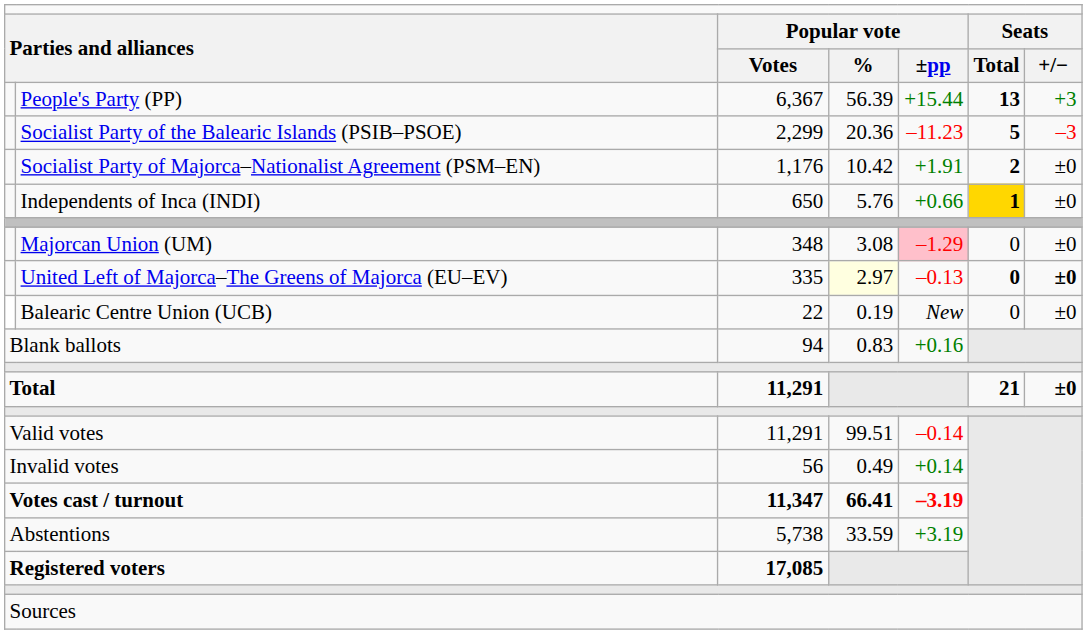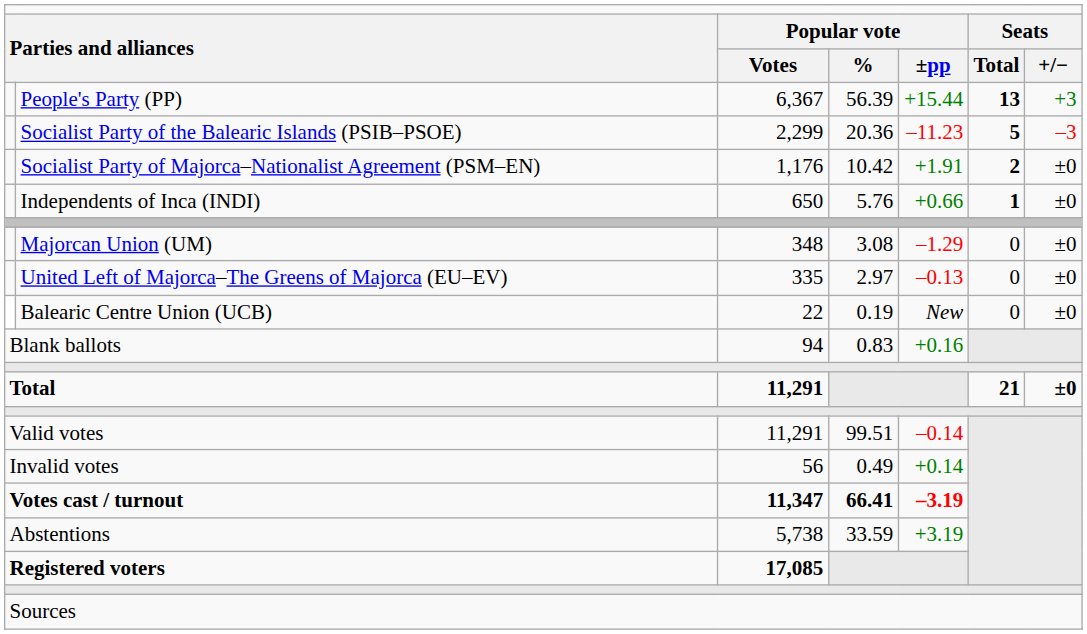 <table class="wikitable" style="text-align:right; font-size:98%;">
 <tr>
 <td colspan="7"></td>
 </tr>
 <tr>
 <th style="text-align:left;" rowspan="2" colspan="2" width="525">Parties and alliances</th>
 <th colspan="3">Popular vote</th>
 <th colspan="2">Seats</th>
 </tr>
 <tr>
 <th width="75">Votes</th>
 <th width="45">%</th>
 <th width="45">±<a href='#'>pp</a></th>
 <th width="35">Total</th>
 <th width="35">+/−</th>
 </tr>
 <tr>
 <td width="1" style="color:inherit;background:"></td>
 <td align="left"><a href='#'>People's Party</a> (PP)</td>
 <td>6,367</td>
 <td>56.39</td>
 <td style="color:green;">+15.44</td>
 <td><strong>13</strong></td>
 <td style="color:green;">+3</td>
 </tr>
 <tr>
 <td style="color:inherit;background:"></td>
 <td align="left"><a href='#'>Socialist Party of the Balearic Islands</a> (PSIB–PSOE)</td>
 <td>2,299</td>
 <td>20.36</td>
 <td style="color:red;">–11.23</td>
 <td><strong>5</strong></td>
 <td style="color:red;">–3</td>
 </tr>
 <tr>
 <td style="color:inherit;background:"></td>
 <td align="left"><a href='#'>Socialist Party of Majorca</a>–<a href='#'>Nationalist Agreement</a> (PSM–EN)</td>
 <td>1,176</td>
 <td>10.42</td>
 <td style="color:green;">+1.91</td>
 <td><strong>2</strong></td>
 <td>±0</td>
 </tr>
 <tr>
 <td style="color:inherit;background:"></td>
 <td align="left">Independents of Inca (INDI)</td>
 <td>650</td>
 <td>5.76</td>
 <td style="color:green;">+0.66</td>
-<td style="background: gold;"><strong>1</strong></td>
+<td><strong>1</strong></td>
 <td>±0</td>
 </tr>
 <tr>
 <td colspan="7" bgcolor="#C0C0C0"></td>
 </tr>
 <tr>
 <td style="color:inherit;background:"></td>
 <td align="left"><a href='#'>Majorcan Union</a> (UM)</td>
 <td>348</td>
 <td>3.08</td>
-<td style="background: pink; color:red;">–1.29</td>
+<td style="color:red;">–1.29</td>
 <td>0</td>
 <td>±0</td>
 </tr>
 <tr>
 <td style="color:inherit;background:"></td>
 <td align="left"><a href='#'>United Left of Majorca</a>–<a href='#'>The Greens of Majorca</a> (EU–EV)</td>
 <td>335</td>
-<td style="background: lightyellow;">2.97</td>
+<td>2.97</td>
 <td style="color:red;">–0.13</td>
-<td><strong>0</strong></td>
-<td><strong>±0</strong></td>
+<td>0</td>
+<td>±0</td>
 </tr>
 <tr>
 <td bgcolor="white"></td>
 <td align="left">Balearic Centre Union (UCB)</td>
 <td>22</td>
 <td>0.19</td>
 <td><em>New</em></td>
 <td>0</td>
 <td>±0</td>
 </tr>
 <tr>
 <td align="left" colspan="2">Blank ballots</td>
 <td>94</td>
 <td>0.83</td>
 <td style="color:green;">+0.16</td>
 <td bgcolor="#E9E9E9" colspan="2"></td>
 </tr>
 <tr>
 <td colspan="7" bgcolor="#E9E9E9"></td>
 </tr>
 <tr style="font-weight:bold;">
 <td align="left" colspan="2">Total</td>
 <td>11,291</td>
 <td bgcolor="#E9E9E9" colspan="2"></td>
 <td>21</td>
 <td>±0</td>
 </tr>
 <tr>
 <td colspan="7" bgcolor="#E9E9E9"></td>
 </tr>
 <tr>
 <td align="left" colspan="2">Valid votes</td>
 <td>11,291</td>
 <td>99.51</td>
 <td style="color:red;">–0.14</td>
 <td bgcolor="#E9E9E9" colspan="2" rowspan="5"></td>
 </tr>
 <tr>
 <td align="left" colspan="2">Invalid votes</td>
 <td>56</td>
 <td>0.49</td>
 <td style="color:green;">+0.14</td>
 </tr>
 <tr style="font-weight:bold;">
 <td align="left" colspan="2">Votes cast / turnout</td>
 <td>11,347</td>
 <td>66.41</td>
 <td style="color:red;">–3.19</td>
 </tr>
 <tr>
 <td align="left" colspan="2">Abstentions</td>
 <td>5,738</td>
 <td>33.59</td>
 <td style="color:green;">+3.19</td>
 </tr>
 <tr style="font-weight:bold;">
 <td align="left" colspan="2">Registered voters</td>
 <td>17,085</td>
 <td bgcolor="#E9E9E9" colspan="2"></td>
 </tr>
 <tr>
 <td colspan="7" bgcolor="#E9E9E9"></td>
 </tr>
 <tr>
 <td align="left" colspan="7">Sources</td>
 </tr>
 </table>
